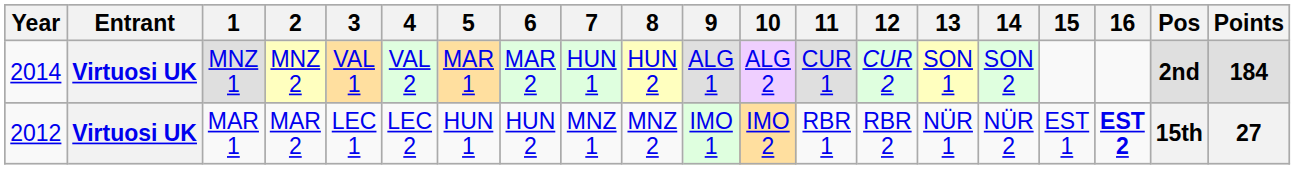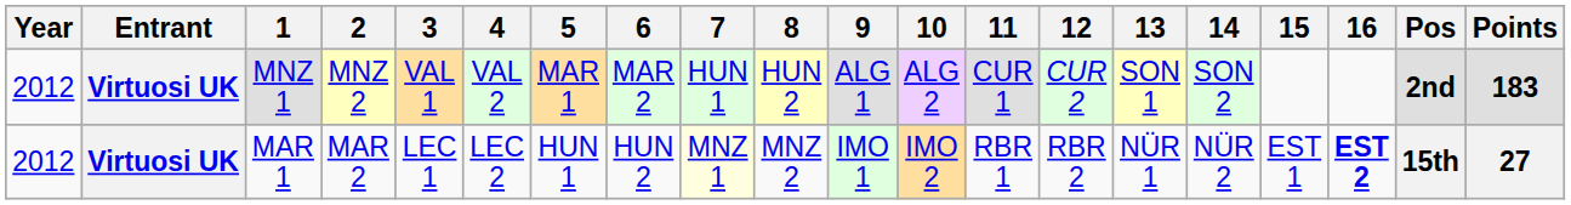 <table class="wikitable" style="text-align:center; font-size:85%">
 <tr>
 <th>Year</th>
 <th>Entrant</th>
 <th>1</th>
 <th>2</th>
 <th>3</th>
 <th>4</th>
 <th>5</th>
 <th>6</th>
 <th>7</th>
 <th>8</th>
 <th>9</th>
 <th>10</th>
 <th>11</th>
 <th>12</th>
 <th>13</th>
 <th>14</th>
 <th>15</th>
 <th>16</th>
 <th>Pos</th>
 <th>Points</th>
 </tr>
 <tr>
-<td><a href='#'>2014</a></td>
+<td><a href='#'>2012</a></td>
 <th nowrap><a href='#'>Virtuosi UK</a></th>
 <td style="background:#DFDFDF;"><a href='#'>MNZ<br>1</a><br></td>
 <td style="background:#FFFFBF;"><a href='#'>MNZ<br>2</a><br></td>
 <td style="background:#FFDF9F;"><a href='#'>VAL<br>1</a><br></td>
 <td style="background:#DFFFDF;"><a href='#'>VAL<br>2</a><br></td>
 <td style="background:#FFDF9F;"><a href='#'>MAR<br>1</a><br></td>
 <td style="background:#DFFFDF;"><a href='#'>MAR<br>2</a><br></td>
 <td style="background:#DFFFDF;"><a href='#'>HUN<br>1</a><br></td>
 <td style="background:#FFFFBF;"><a href='#'>HUN<br>2</a><br></td>
 <td style="background:#DFDFDF;"><a href='#'>ALG<br>1</a><br></td>
 <td style="background:#EFCFFF;"><a href='#'>ALG<br>2</a><br></td>
 <td style="background:#DFDFDF;"><a href='#'>CUR<br>1</a><br></td>
 <td style="background:#DFFFDF;"><em><a href='#'>CUR<br>2</a></em><br></td>
 <td style="background:#FFFFBF;"><a href='#'>SON<br>1</a><br></td>
 <td style="background:#DFFFDF;"><a href='#'>SON<br>2</a><br></td>
 <td></td>
 <td></td>
 <td style="background:#DFDFDF;"><strong>2nd</strong></td>
-<td style="background:#DFDFDF;"><strong>184</strong></td>
+<td style="background:#DFDFDF;"><strong>183</strong></td>
 </tr>
 <tr>
 <td><a href='#'>2012</a></td>
 <th nowrap><a href='#'>Virtuosi UK</a></th>
 <td><a href='#'>MAR<br>1</a></td>
 <td><a href='#'>MAR<br>2</a></td>
 <td><a href='#'>LEC<br>1</a></td>
 <td><a href='#'>LEC<br>2</a></td>
 <td><a href='#'>HUN<br>1</a></td>
 <td><a href='#'>HUN<br>2</a></td>
-<td><a href='#'>MNZ<br>1</a></td>
+<td style="background: lightyellow;"><a href='#'>MNZ<br>1</a></td>
 <td><a href='#'>MNZ<br>2</a></td>
 <td style="background:#DFFFDF;"><a href='#'>IMO<br>1</a><br></td>
 <td style="background:#FFDF9F;"><a href='#'>IMO<br>2</a><br></td>
 <td><a href='#'>RBR<br>1</a></td>
 <td><a href='#'>RBR<br>2</a></td>
 <td><a href='#'>NÜR<br>1</a></td>
 <td><a href='#'>NÜR<br>2</a></td>
 <td><a href='#'>EST<br>1</a></td>
 <td><strong><a href='#'>EST<br>2</a></strong></td>
 <th>15th</th>
 <th>27</th>
 </tr>
 </table>
